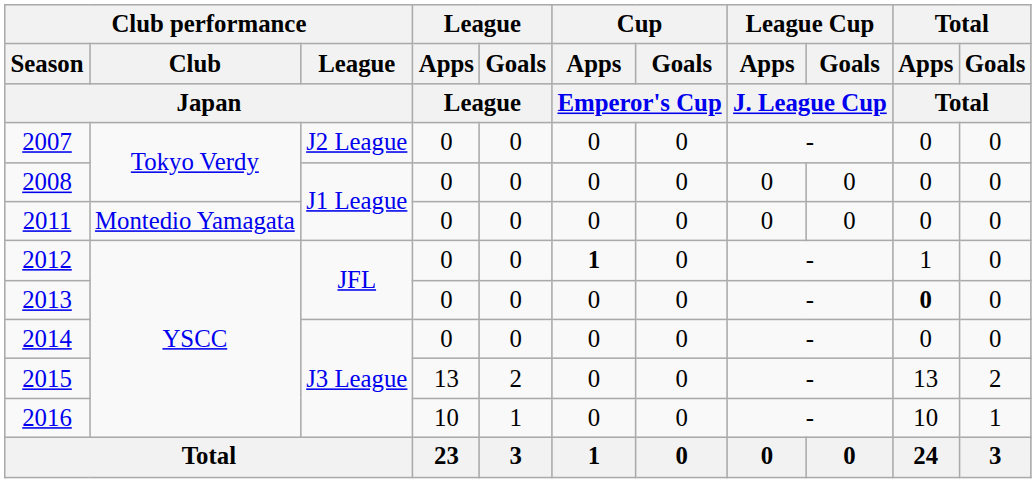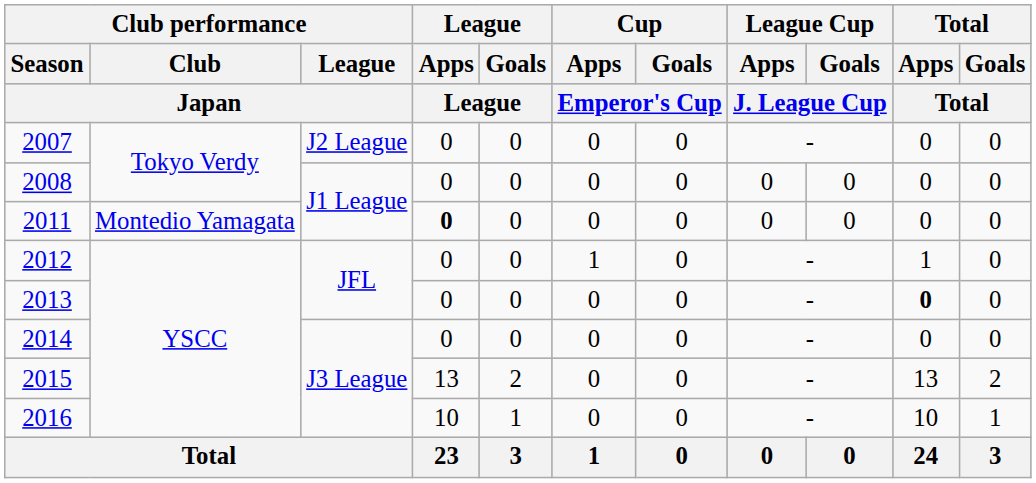 <table class="wikitable" style="text-align:center;">
 <tr>
 <th colspan=3>Club performance</th>
 <th colspan=2>League</th>
 <th colspan=2>Cup</th>
 <th colspan=2>League Cup</th>
 <th colspan=2>Total</th>
 </tr>
 <tr>
 <th>Season</th>
 <th>Club</th>
 <th>League</th>
 <th>Apps</th>
 <th>Goals</th>
 <th>Apps</th>
 <th>Goals</th>
 <th>Apps</th>
 <th>Goals</th>
 <th>Apps</th>
 <th>Goals</th>
 </tr>
 <tr>
 <th colspan=3>Japan</th>
 <th colspan=2>League</th>
 <th colspan=2><a href='#'>Emperor's Cup</a></th>
 <th colspan=2><a href='#'>J. League Cup</a></th>
 <th colspan=2>Total</th>
 </tr>
 <tr>
 <td><a href='#'>2007</a></td>
 <td rowspan="2"><a href='#'>Tokyo Verdy</a></td>
 <td><a href='#'>J2 League</a></td>
 <td>0</td>
 <td>0</td>
 <td>0</td>
 <td>0</td>
 <td colspan="2">-</td>
 <td>0</td>
 <td>0</td>
 </tr>
 <tr>
 <td><a href='#'>2008</a></td>
 <td rowspan="2"><a href='#'>J1 League</a></td>
 <td>0</td>
 <td>0</td>
 <td>0</td>
 <td>0</td>
 <td>0</td>
 <td>0</td>
 <td>0</td>
 <td>0</td>
 </tr>
 <tr>
 <td><a href='#'>2011</a></td>
 <td><a href='#'>Montedio Yamagata</a></td>
-<td>0</td>
+<td><strong>0</strong></td>
 <td>0</td>
 <td>0</td>
 <td>0</td>
 <td>0</td>
 <td>0</td>
 <td>0</td>
 <td>0</td>
 </tr>
 <tr>
 <td><a href='#'>2012</a></td>
 <td rowspan="5"><a href='#'>YSCC</a></td>
 <td rowspan="2"><a href='#'>JFL</a></td>
 <td>0</td>
 <td>0</td>
-<td><strong>1</strong></td>
+<td>1</td>
 <td>0</td>
 <td colspan="2">-</td>
 <td>1</td>
 <td>0</td>
 </tr>
 <tr>
 <td><a href='#'>2013</a></td>
 <td>0</td>
 <td>0</td>
 <td>0</td>
 <td>0</td>
 <td colspan="2">-</td>
 <td><strong>0</strong></td>
 <td>0</td>
 </tr>
 <tr>
 <td><a href='#'>2014</a></td>
 <td rowspan="3"><a href='#'>J3 League</a></td>
 <td>0</td>
 <td>0</td>
 <td>0</td>
 <td>0</td>
 <td colspan="2">-</td>
 <td>0</td>
 <td>0</td>
 </tr>
 <tr>
 <td><a href='#'>2015</a></td>
 <td>13</td>
 <td>2</td>
 <td>0</td>
 <td>0</td>
 <td colspan="2">-</td>
 <td>13</td>
 <td>2</td>
 </tr>
 <tr>
 <td><a href='#'>2016</a></td>
 <td>10</td>
 <td>1</td>
 <td>0</td>
 <td>0</td>
 <td colspan="2">-</td>
 <td>10</td>
 <td>1</td>
 </tr>
 <tr>
 <th colspan=3>Total</th>
 <th>23</th>
 <th>3</th>
 <th>1</th>
 <th>0</th>
 <th>0</th>
 <th>0</th>
 <th>24</th>
 <th>3</th>
 </tr>
 </table>
